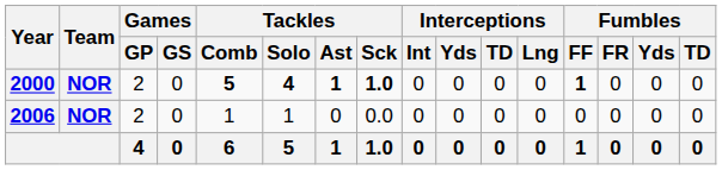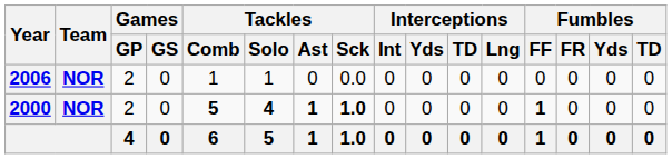 <table class="wikitable" style="text-align:center">
 <tr>
 <th rowspan="2">Year</th>
 <th rowspan="2">Team</th>
 <th colspan="2">Games</th>
 <th colspan="4">Tackles</th>
 <th colspan="4">Interceptions</th>
 <th colspan="4">Fumbles</th>
 </tr>
 <tr>
 <th>GP</th>
 <th>GS</th>
 <th>Comb</th>
 <th>Solo</th>
 <th>Ast</th>
 <th>Sck</th>
 <th>Int</th>
 <th>Yds</th>
 <th>TD</th>
 <th>Lng</th>
 <th>FF</th>
 <th>FR</th>
 <th>Yds</th>
 <th>TD</th>
 </tr>
 <tr>
+<th><a href='#'>2006</a></th>
+<th><a href='#'>NOR</a></th>
+<td>2</td>
+<td>0</td>
+<td>1</td>
+<td>1</td>
+<td>0</td>
+<td>0.0</td>
+<td>0</td>
+<td>0</td>
+<td>0</td>
+<td>0</td>
+<td>0</td>
+<td>0</td>
+<td>0</td>
+<td>0</td>
+</tr>
+<tr>
 <th><a href='#'>2000</a></th>
 <th><a href='#'>NOR</a></th>
 <td>2</td>
 <td>0</td>
 <td><strong>5</strong></td>
 <td><strong>4</strong></td>
 <td><strong>1</strong></td>
 <td><strong>1.0</strong></td>
 <td>0</td>
 <td>0</td>
 <td>0</td>
 <td>0</td>
 <td><strong>1</strong></td>
-<td>0</td>
-<td>0</td>
-<td>0</td>
-</tr>
-<tr>
-<th><a href='#'>2006</a></th>
-<th><a href='#'>NOR</a></th>
-<td>2</td>
-<td>0</td>
-<td>1</td>
-<td>1</td>
-<td>0</td>
-<td>0.0</td>
-<td>0</td>
-<td>0</td>
-<td>0</td>
-<td>0</td>
-<td>0</td>
 <td>0</td>
 <td>0</td>
 <td>0</td>
 </tr>
 <tr>
 <th colspan="2"></th>
 <th>4</th>
 <th>0</th>
 <th>6</th>
 <th>5</th>
 <th>1</th>
 <th>1.0</th>
 <th>0</th>
 <th>0</th>
 <th>0</th>
 <th>0</th>
 <th>1</th>
 <th>0</th>
 <th>0</th>
 <th>0</th>
 </tr>
 </table>
